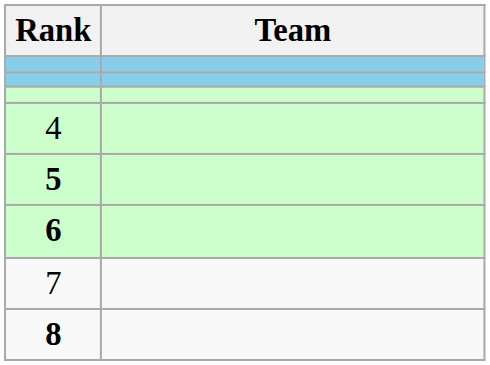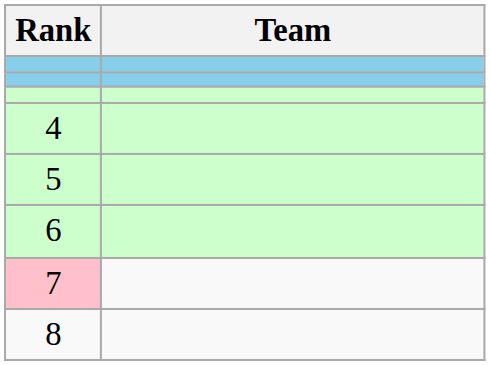 <table class="wikitable" style="text-align:center">
 <tr>
 <th width=40>Rank</th>
 <th width=180>Team</th>
 </tr>
 <tr bgcolor=#87ceeb>
 <td></td>
 <td style="text-align:left"></td>
 </tr>
 <tr bgcolor=#87ceeb>
 <td></td>
 <td style="text-align:left"></td>
 </tr>
 <tr bgcolor=#ccffcc>
 <td></td>
 <td style="text-align:left"></td>
 </tr>
 <tr bgcolor=#ccffcc>
 <td>4</td>
 <td style="text-align:left"></td>
 </tr>
 <tr bgcolor=#ccffcc>
-<td><strong>5</strong></td>
+<td>5</td>
 <td style="text-align:left"></td>
 </tr>
 <tr bgcolor=#ccffcc>
-<td><strong>6</strong></td>
+<td>6</td>
 <td style="text-align:left"></td>
 </tr>
 <tr>
-<td>7</td>
+<td style="background: pink;">7</td>
 <td style="text-align:left"></td>
 </tr>
 <tr>
-<td><strong>8</strong></td>
+<td>8</td>
 <td style="text-align:left"></td>
 </tr>
 </table>
